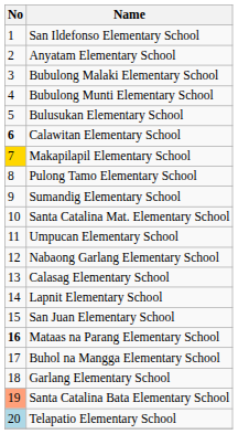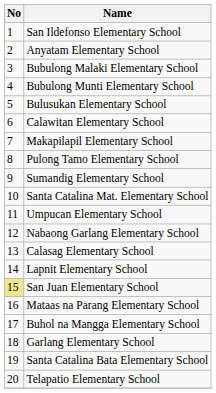 <table class="wikitable sortable" style:"text-align: center">
 <tr>
 <th>No</th>
 <th>Name</th>
 </tr>
 <tr>
 <td>1</td>
 <td align=left>San Ildefonso Elementary School</td>
 </tr>
 <tr>
 <td>2</td>
 <td align=left>Anyatam Elementary School</td>
 </tr>
 <tr>
 <td>3</td>
 <td align=left>Bubulong Malaki Elementary School</td>
 </tr>
 <tr>
 <td>4</td>
 <td align=left>Bubulong Munti Elementary School</td>
 </tr>
 <tr>
 <td>5</td>
 <td align=left>Bulusukan Elementary School</td>
 </tr>
 <tr>
-<td><strong>6</strong></td>
+<td>6</td>
 <td align=left>Calawitan Elementary School</td>
 </tr>
 <tr>
-<td style="background: gold;">7</td>
+<td>7</td>
 <td align=left>Makapilapil Elementary School</td>
 </tr>
 <tr>
 <td>8</td>
 <td align=left>Pulong Tamo Elementary School</td>
 </tr>
 <tr>
 <td>9</td>
 <td align=left>Sumandig Elementary School</td>
 </tr>
 <tr>
 <td>10</td>
 <td align=left>Santa Catalina Mat. Elementary School</td>
 </tr>
 <tr>
 <td>11</td>
 <td align=left>Umpucan Elementary School</td>
 </tr>
 <tr>
 <td>12</td>
 <td align=left>Nabaong Garlang Elementary School</td>
 </tr>
 <tr>
 <td>13</td>
 <td align=left>Calasag Elementary School</td>
 </tr>
 <tr>
 <td>14</td>
 <td align=left>Lapnit Elementary School</td>
 </tr>
 <tr>
-<td>15</td>
+<td style="background: khaki;">15</td>
 <td align=left>San Juan Elementary School</td>
 </tr>
 <tr>
-<td><strong>16</strong></td>
+<td>16</td>
 <td align=left>Mataas na Parang Elementary School</td>
 </tr>
 <tr>
 <td>17</td>
 <td align=left>Buhol na Mangga Elementary School</td>
 </tr>
 <tr>
 <td>18</td>
 <td align=left>Garlang Elementary School</td>
 </tr>
 <tr>
-<td style="background: lightsalmon;">19</td>
+<td>19</td>
 <td align=left>Santa Catalina Bata Elementary School</td>
 </tr>
 <tr>
-<td style="background: lightblue;">20</td>
+<td>20</td>
 <td align=left>Telapatio Elementary School</td>
 </tr>
 <tr>
 </tr>
 </table>
